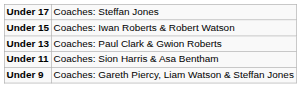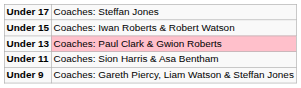 <table class="wikitable" style="text-align: left">
 <tr>
 <td><strong>Under 17</strong></td>
 <td>Coaches:  Steffan Jones</td>
 </tr>
 <tr>
 <td><strong>Under 15</strong></td>
 <td>Coaches:  Iwan Roberts &  Robert Watson</td>
 </tr>
 <tr>
 <td><strong>Under 13</strong></td>
-<td>Coaches:  Paul Clark &  Gwion Roberts</td>
+<td style="background: pink;">Coaches:  Paul Clark &  Gwion Roberts</td>
 </tr>
 <tr>
 <td><strong>Under 11</strong></td>
 <td>Coaches:  Sion Harris &  Asa Bentham</td>
 </tr>
 <tr>
 <td><strong>Under 9</strong></td>
 <td>Coaches:  Gareth Piercy,  Liam Watson &  Steffan Jones</td>
 </tr>
 </table>
